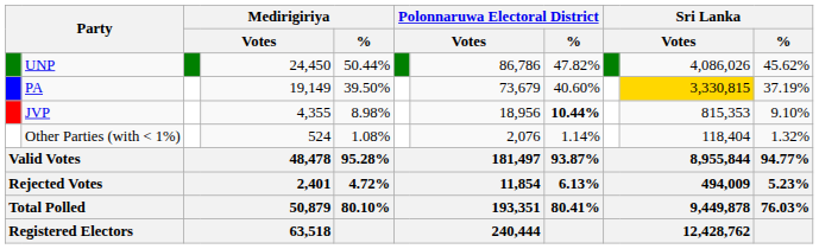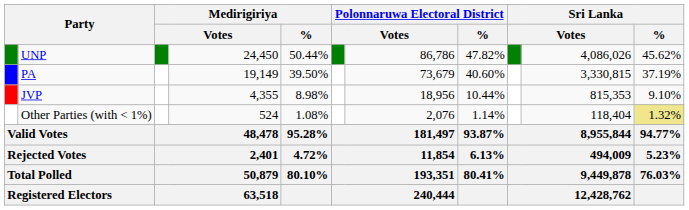 <table class="wikitable">
 <tr>
 <th colspan="2" width="144px"rowspan="2">Party</th>
 <th colspan="3" width="216px">Medirigiriya</th>
 <th colspan="3" width="216px"><a href='#'>Polonnaruwa Electoral District</a></th>
 <th colspan="3" width="216px">Sri Lanka</th>
 </tr>
 <tr>
 <th colspan="2" width="144px">Votes</th>
 <th>%</th>
 <th colspan="2" width="144px">Votes</th>
 <th>%</th>
 <th colspan="2" width="144px">Votes</th>
 <th>%</th>
 </tr>
 <tr>
 <td style="background-color:green;" width="10px"></td>
 <td style="text-align:left;"><a href='#'>UNP</a></td>
 <td style="background-color:green;" width="10px"></td>
 <td style="text-align:right;">24,450</td>
 <td style="text-align:right;">50.44%</td>
 <td style="background-color:green;" width="10px"></td>
 <td style="text-align:right;">86,786</td>
 <td style="text-align:right;">47.82%</td>
 <td style="background-color:green;" width="10px"></td>
 <td style="text-align:right;">4,086,026</td>
 <td style="text-align:right;">45.62%</td>
 </tr>
 <tr>
 <td style="background-color:blue;" width="10px"></td>
 <td style="text-align:left;"><a href='#'>PA</a></td>
 <td style="background-color:white;" width="10px"></td>
 <td style="text-align:right;">19,149</td>
 <td style="text-align:right;">39.50%</td>
 <td style="background-color:white;" width="10px"></td>
 <td style="text-align:right;">73,679</td>
 <td style="text-align:right;">40.60%</td>
 <td style="background-color:white;" width="10px"></td>
-<td style="background: gold; text-align:right;">3,330,815</td>
+<td style="text-align:right;">3,330,815</td>
 <td style="text-align:right;">37.19%</td>
 </tr>
 <tr>
 <td style="background-color:red;" width="10px"></td>
 <td style="text-align:left;"><a href='#'>JVP</a></td>
 <td style="background-color:white;" width="10px"></td>
 <td style="text-align:right;">4,355</td>
 <td style="text-align:right;">8.98%</td>
 <td style="background-color:white;" width="10px"></td>
 <td style="text-align:right;">18,956</td>
-<td style="text-align:right;"><strong>10.44%</strong></td>
+<td style="text-align:right;">10.44%</td>
 <td style="background-color:white;" width="10px"></td>
 <td style="text-align:right;">815,353</td>
 <td style="text-align:right;">9.10%</td>
 </tr>
 <tr>
 <td style="background-color:white;" width="10px"></td>
 <td style="text-align:left;">Other Parties (with < 1%)</td>
 <td style="background-color:white;" width="10px"></td>
 <td style="text-align:right;">524</td>
 <td style="text-align:right;">1.08%</td>
 <td style="background-color:white;" width="10px"></td>
 <td style="text-align:right;">2,076</td>
 <td style="text-align:right;">1.14%</td>
 <td style="background-color:white;" width="10px"></td>
 <td style="text-align:right;">118,404</td>
-<td style="text-align:right;">1.32%</td>
+<td style="background: khaki; text-align:right;">1.32%</td>
 </tr>
 <tr>
 <th colspan="2" width="144px"style="text-align:left;">Valid Votes</th>
 <th style="text-align:right;"colspan="2" width="144px">48,478</th>
 <th style="text-align:right;">95.28%</th>
 <th style="text-align:right;"colspan="2" width="144px">181,497</th>
 <th style="text-align:right;">93.87%</th>
 <th style="text-align:right;"colspan="2" width="144px">8,955,844</th>
 <th style="text-align:right;">94.77%</th>
 </tr>
 <tr>
 <th colspan="2" width="144px"style="text-align:left;">Rejected Votes</th>
 <th style="text-align:right;"colspan="2" width="144px">2,401</th>
 <th style="text-align:right;">4.72%</th>
 <th style="text-align:right;"colspan="2" width="144px">11,854</th>
 <th style="text-align:right;">6.13%</th>
 <th style="text-align:right;"colspan="2" width="144px">494,009</th>
 <th style="text-align:right;">5.23%</th>
 </tr>
 <tr>
 <th colspan="2" width="144px"style="text-align:left;">Total Polled</th>
 <th style="text-align:right;"colspan="2" width="144px">50,879</th>
 <th style="text-align:right;">80.10%</th>
 <th style="text-align:right;"colspan="2" width="144px">193,351</th>
 <th style="text-align:right;">80.41%</th>
 <th style="text-align:right;"colspan="2" width="144px">9,449,878</th>
 <th style="text-align:right;">76.03%</th>
 </tr>
 <tr>
 <th colspan="2" width="144px"style="text-align:left;">Registered Electors</th>
 <th style="text-align:right;"colspan="2" width="144px">63,518</th>
 <th></th>
 <th style="text-align:right;"colspan="2" width="144px">240,444</th>
 <th></th>
 <th style="text-align:right;"colspan="2" width="144px">12,428,762</th>
 <th></th>
 </tr>
 </table>
